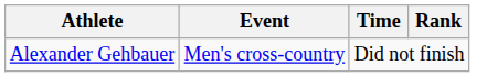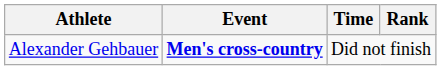 <table class="wikitable" style="font-size:90%">
 <tr>
 <th>Athlete</th>
 <th>Event</th>
 <th>Time</th>
 <th>Rank</th>
 </tr>
 <tr align=center>
 <td align=left><a href='#'>Alexander Gehbauer</a></td>
-<td align=left><a href='#'>Men's cross-country</a></td>
+<td align=left><strong><a href='#'>Men's cross-country</a></strong></td>
 <td colspan=2>Did not finish</td>
 </tr>
 </table>
